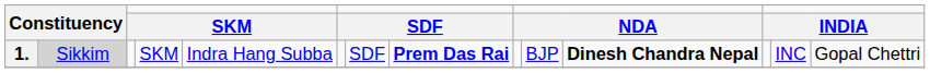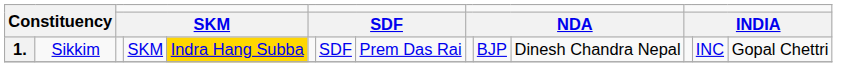 <table class="wikitable sortable" style="text-align:center;font-size:95%;line-height:16px">
 <tr>
 <th colspan="2" rowspan="2">Constituency</th>
 <td colspan="3" bgcolor=></td>
 <td colspan="3" bgcolor=></td>
 <td colspan="3" bgcolor=></td>
 <td colspan="3" bgcolor=></td>
 </tr>
 <tr>
 <th colspan="3"><a href='#'>SKM</a></th>
 <th colspan="3"><a href='#'>SDF</a></th>
 <th colspan="3"><a href='#'>NDA</a></th>
 <th colspan="3"><a href='#'>INDIA</a></th>
 </tr>
 <tr>
 <th>1.</th>
-<td style="background: lightgrey;"><a href='#'>Sikkim</a></td>
+<td><a href='#'>Sikkim</a></td>
 <td></td>
 <td><a href='#'>SKM</a></td>
-<td><a href='#'>Indra Hang Subba</a></td>
+<td style="background: gold;"><a href='#'>Indra Hang Subba</a></td>
 <td></td>
 <td><a href='#'>SDF</a></td>
-<td><strong><a href='#'>Prem Das Rai</a></strong></td>
+<td><a href='#'>Prem Das Rai</a></td>
 <td></td>
 <td><a href='#'>BJP</a></td>
-<td><strong>Dinesh Chandra Nepal</strong></td>
+<td>Dinesh Chandra Nepal</td>
 <td></td>
 <td><a href='#'>INC</a></td>
 <td>Gopal Chettri</td>
 </tr>
 <tr>
 </tr>
 </table>
